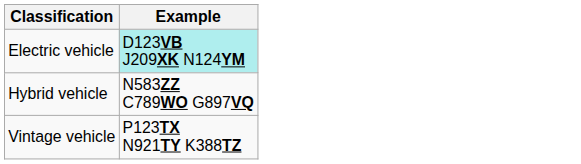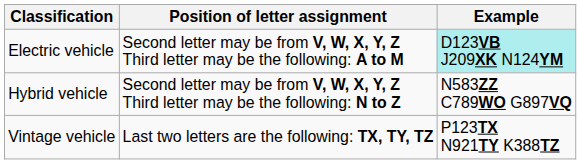 <table class="wikitable">
 <tr>
 <th>Classification</th>
+<th>Position of letter assignment</th>
 <th>Example</th>
 </tr>
 <tr>
 <td>Electric vehicle</td>
+<td>Second letter may be from <strong>V, W, X, Y, Z</strong><br>Third letter may be the following: <strong>A to M</strong></td>
 <td style="background: paleturquoise;">D123<strong><u>VB</u></strong><br>J209<strong><u>XK</u></strong> N124<strong><u>YM</u></strong></td>
 </tr>
 <tr>
 <td>Hybrid vehicle</td>
+<td>Second letter may be from <strong>V, W, X, Y, Z</strong><br>Third letter may be the following: <strong>N to Z</strong></td>
 <td>N583<strong><u>ZZ</u></strong><br>C789<strong><u>WO</u></strong> G897<strong><u>VQ</u></strong></td>
 </tr>
 <tr>
 <td>Vintage vehicle</td>
+<td>Last two letters are the following: <strong>TX, TY, TZ</strong></td>
 <td>P123<strong><u>TX</u></strong><br>N921<strong><u>TY</u></strong> K388<u><strong>TZ</strong></u></td>
 </tr>
 </table>
